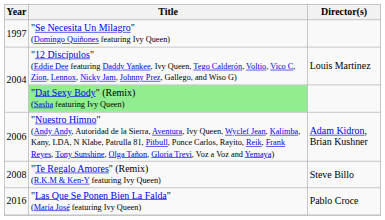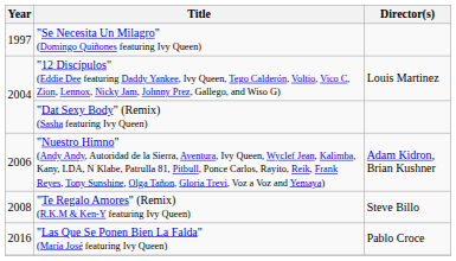 <table class="wikitable">
 <tr>
 <th>Year</th>
 <th>Title</th>
 <th>Director(s)</th>
 </tr>
 <tr>
 <td rowspan="1">1997</td>
 <td>"<a href='#'>Se Necesita Un Milagro</a>" <br><small>(<a href='#'>Domingo Quiñones</a> featuring Ivy Queen)</small><br></td>
 <td></td>
 </tr>
 <tr>
 <td rowspan="2">2004</td>
 <td>"<a href='#'>12 Discípulos</a>" <br><small>(<a href='#'>Eddie Dee</a> featuring <a href='#'>Daddy Yankee</a>, Ivy Queen, <a href='#'>Tego Calderón</a>, <a href='#'>Voltio</a>, <a href='#'>Vico C</a>, <a href='#'>Zion</a>, <a href='#'>Lennox</a>, <a href='#'>Nicky Jam</a>, <a href='#'>Johnny Prez</a>, Gallego, and Wiso G)</small><br></td>
 <td>Louis Martinez</td>
 </tr>
 <tr>
-<td style="background: lightgreen;">"<a href='#'>Dat Sexy Body</a>"  (Remix) <br><small>(<a href='#'>Sasha</a> featuring Ivy Queen)</small><br></td>
+<td>"<a href='#'>Dat Sexy Body</a>"  (Remix) <br><small>(<a href='#'>Sasha</a> featuring Ivy Queen)</small><br></td>
 <td></td>
 </tr>
 <tr>
 <td rowspan="1">2006</td>
 <td>"<a href='#'>Nuestro Himno</a>" <br><small>(<a href='#'>Andy Andy</a>, Autoridad de la Sierra, <a href='#'>Aventura</a>, Ivy Queen, <a href='#'>Wyclef Jean</a>, <a href='#'>Kalimba</a>, Kany, LDA, N Klabe, Patrulla 81, <a href='#'>Pitbull</a>, Ponce Carlos, Rayito, <a href='#'>Reik</a>, <a href='#'>Frank Reyes</a>, <a href='#'>Tony Sunshine</a>, <a href='#'>Olga Tañon</a>, <a href='#'>Gloria Trevi</a>, Voz a Voz and <a href='#'>Yemaya</a>)</small><br></td>
 <td><a href='#'>Adam Kidron</a>, Brian Kushner</td>
 </tr>
 <tr>
 <td rowspan="1">2008</td>
 <td>"<a href='#'>Te Regalo Amores</a>" (Remix) <br><small>(<a href='#'>R.K.M & Ken-Y</a> featuring Ivy Queen)</small><br></td>
 <td>Steve Billo</td>
 </tr>
 <tr>
 <td rowspan="1">2016</td>
 <td>"<a href='#'>Las Que Se Ponen Bien La Falda</a>" <br><small>(<a href='#'>María José</a> featuring Ivy Queen)</small><br></td>
 <td>Pablo Croce</td>
 </tr>
 <tr>
 </tr>
 </table>
